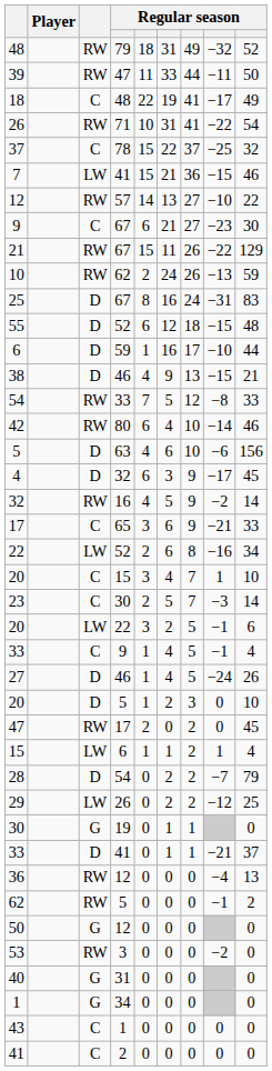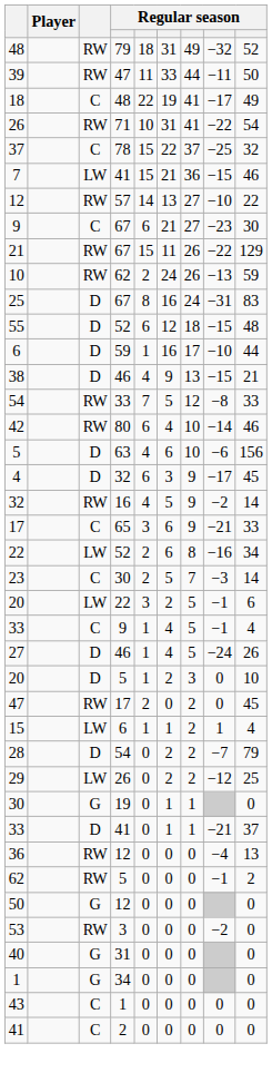 <table class="wikitable sortable plainrowheaders" style="text-align:center;">
 <tr>
 <th scope="col" data-sort-type="number" rowspan="2"></th>
 <th scope="col" rowspan="2">Player</th>
 <th scope="col" rowspan="2"></th>
 <th scope=colgroup colspan=6>Regular season</th>
 </tr>
 <tr>
 <th scope="col" data-sort-type="number"></th>
 <th scope="col" data-sort-type="number"></th>
 <th scope="col" data-sort-type="number"></th>
 <th scope="col" data-sort-type="number"></th>
 <th scope="col" data-sort-type="number"></th>
 <th scope="col" data-sort-type="number"></th>
 </tr>
 <tr>
 <td scope="row">48</td>
 <td align="left"></td>
 <td>RW</td>
 <td>79</td>
 <td>18</td>
 <td>31</td>
 <td>49</td>
 <td>−32</td>
 <td>52</td>
 </tr>
 <tr>
 <td scope="row">39</td>
 <td align="left"></td>
 <td>RW</td>
 <td>47</td>
 <td>11</td>
 <td>33</td>
 <td>44</td>
 <td>−11</td>
 <td>50</td>
 </tr>
 <tr>
 <td scope="row">18</td>
 <td align="left"></td>
 <td>C</td>
 <td>48</td>
 <td>22</td>
 <td>19</td>
 <td>41</td>
 <td>−17</td>
 <td>49</td>
 </tr>
 <tr>
 <td scope="row">26</td>
 <td align="left"></td>
 <td>RW</td>
 <td>71</td>
 <td>10</td>
 <td>31</td>
 <td>41</td>
 <td>−22</td>
 <td>54</td>
 </tr>
 <tr>
 <td scope="row">37</td>
 <td align="left"></td>
 <td>C</td>
 <td>78</td>
 <td>15</td>
 <td>22</td>
 <td>37</td>
 <td>−25</td>
 <td>32</td>
 </tr>
 <tr>
 <td scope="row">7</td>
 <td align="left"></td>
 <td>LW</td>
 <td>41</td>
 <td>15</td>
 <td>21</td>
 <td>36</td>
 <td>−15</td>
 <td>46</td>
 </tr>
 <tr>
 <td scope="row">12</td>
 <td align="left"></td>
 <td>RW</td>
 <td>57</td>
 <td>14</td>
 <td>13</td>
 <td>27</td>
 <td>−10</td>
 <td>22</td>
 </tr>
 <tr>
 <td scope="row">9</td>
 <td align="left"></td>
 <td>C</td>
 <td>67</td>
 <td>6</td>
 <td>21</td>
 <td>27</td>
 <td>−23</td>
 <td>30</td>
 </tr>
 <tr>
 <td scope="row">21</td>
 <td align="left"></td>
 <td>RW</td>
 <td>67</td>
 <td>15</td>
 <td>11</td>
 <td>26</td>
 <td>−22</td>
 <td>129</td>
 </tr>
 <tr>
 <td scope="row">10</td>
 <td align="left"></td>
 <td>RW</td>
 <td>62</td>
 <td>2</td>
 <td>24</td>
 <td>26</td>
 <td>−13</td>
 <td>59</td>
 </tr>
 <tr>
 <td scope="row">25</td>
 <td align="left"></td>
 <td>D</td>
 <td>67</td>
 <td>8</td>
 <td>16</td>
 <td>24</td>
 <td>−31</td>
 <td>83</td>
 </tr>
 <tr>
 <td scope="row">55</td>
 <td align="left"></td>
 <td>D</td>
 <td>52</td>
 <td>6</td>
 <td>12</td>
 <td>18</td>
 <td>−15</td>
 <td>48</td>
 </tr>
 <tr>
 <td scope="row">6</td>
 <td align="left"></td>
 <td>D</td>
 <td>59</td>
 <td>1</td>
 <td>16</td>
 <td>17</td>
 <td>−10</td>
 <td>44</td>
 </tr>
 <tr>
 <td scope="row">38</td>
 <td align="left"></td>
 <td>D</td>
 <td>46</td>
 <td>4</td>
 <td>9</td>
 <td>13</td>
 <td>−15</td>
 <td>21</td>
 </tr>
 <tr>
 <td scope="row">54</td>
 <td align="left"></td>
 <td>RW</td>
 <td>33</td>
 <td>7</td>
 <td>5</td>
 <td>12</td>
 <td>−8</td>
 <td>33</td>
 </tr>
 <tr>
 <td scope="row">42</td>
 <td align="left"></td>
 <td>RW</td>
 <td>80</td>
 <td>6</td>
 <td>4</td>
 <td>10</td>
 <td>−14</td>
 <td>46</td>
 </tr>
 <tr>
 <td scope="row">5</td>
 <td align="left"></td>
 <td>D</td>
 <td>63</td>
 <td>4</td>
 <td>6</td>
 <td>10</td>
 <td>−6</td>
 <td>156</td>
 </tr>
 <tr>
 <td scope="row">4</td>
 <td align="left"></td>
 <td>D</td>
 <td>32</td>
 <td>6</td>
 <td>3</td>
 <td>9</td>
 <td>−17</td>
 <td>45</td>
 </tr>
 <tr>
 <td scope="row">32</td>
 <td align="left"></td>
 <td>RW</td>
 <td>16</td>
 <td>4</td>
 <td>5</td>
 <td>9</td>
 <td>−2</td>
 <td>14</td>
 </tr>
 <tr>
 <td scope="row">17</td>
 <td align="left"></td>
 <td>C</td>
 <td>65</td>
 <td>3</td>
 <td>6</td>
 <td>9</td>
 <td>−21</td>
 <td>33</td>
 </tr>
 <tr>
 <td scope="row">22</td>
 <td align="left"></td>
 <td>LW</td>
 <td>52</td>
 <td>2</td>
 <td>6</td>
 <td>8</td>
 <td>−16</td>
 <td>34</td>
 </tr>
 <tr>
-<td scope="row">20</td>
-<td align="left"></td>
-<td>C</td>
-<td>15</td>
-<td>3</td>
-<td>4</td>
-<td>7</td>
-<td>1</td>
-<td>10</td>
-</tr>
-<tr>
 <td scope="row">23</td>
 <td align="left"></td>
 <td>C</td>
 <td>30</td>
 <td>2</td>
 <td>5</td>
 <td>7</td>
 <td>−3</td>
 <td>14</td>
 </tr>
 <tr>
 <td scope="row">20</td>
 <td align="left"></td>
 <td>LW</td>
 <td>22</td>
 <td>3</td>
 <td>2</td>
 <td>5</td>
 <td>−1</td>
 <td>6</td>
 </tr>
 <tr>
 <td scope="row">33</td>
 <td align="left"></td>
 <td>C</td>
 <td>9</td>
 <td>1</td>
 <td>4</td>
 <td>5</td>
 <td>−1</td>
 <td>4</td>
 </tr>
 <tr>
 <td scope="row">27</td>
 <td align="left"></td>
 <td>D</td>
 <td>46</td>
 <td>1</td>
 <td>4</td>
 <td>5</td>
 <td>−24</td>
 <td>26</td>
 </tr>
 <tr>
 <td scope="row">20</td>
 <td align="left"></td>
 <td>D</td>
 <td>5</td>
 <td>1</td>
 <td>2</td>
 <td>3</td>
 <td>0</td>
 <td>10</td>
 </tr>
 <tr>
 <td scope="row">47</td>
 <td align="left"></td>
 <td>RW</td>
 <td>17</td>
 <td>2</td>
 <td>0</td>
 <td>2</td>
 <td>0</td>
 <td>45</td>
 </tr>
 <tr>
 <td scope="row">15</td>
 <td align="left"></td>
 <td>LW</td>
 <td>6</td>
 <td>1</td>
 <td>1</td>
 <td>2</td>
 <td>1</td>
 <td>4</td>
 </tr>
 <tr>
 <td scope="row">28</td>
 <td align="left"></td>
 <td>D</td>
 <td>54</td>
 <td>0</td>
 <td>2</td>
 <td>2</td>
 <td>−7</td>
 <td>79</td>
 </tr>
 <tr>
 <td scope="row">29</td>
 <td align="left"></td>
 <td>LW</td>
 <td>26</td>
 <td>0</td>
 <td>2</td>
 <td>2</td>
 <td>−12</td>
 <td>25</td>
 </tr>
 <tr>
 <td scope="row">30</td>
 <td align="left"></td>
 <td>G</td>
 <td>19</td>
 <td>0</td>
 <td>1</td>
 <td>1</td>
 <td style="background:#ccc"></td>
 <td>0</td>
 </tr>
 <tr>
 <td scope="row">33</td>
 <td align="left"></td>
 <td>D</td>
 <td>41</td>
 <td>0</td>
 <td>1</td>
 <td>1</td>
 <td>−21</td>
 <td>37</td>
 </tr>
 <tr>
 <td scope="row">36</td>
 <td align="left"></td>
 <td>RW</td>
 <td>12</td>
 <td>0</td>
 <td>0</td>
 <td>0</td>
 <td>−4</td>
 <td>13</td>
 </tr>
 <tr>
 <td scope="row">62</td>
 <td align="left"></td>
 <td>RW</td>
 <td>5</td>
 <td>0</td>
 <td>0</td>
 <td>0</td>
 <td>−1</td>
 <td>2</td>
 </tr>
 <tr>
 <td scope="row">50</td>
 <td align="left"></td>
 <td>G</td>
 <td>12</td>
 <td>0</td>
 <td>0</td>
 <td>0</td>
 <td style="background:#ccc"></td>
 <td>0</td>
 </tr>
 <tr>
 <td scope="row">53</td>
 <td align="left"></td>
 <td>RW</td>
 <td>3</td>
 <td>0</td>
 <td>0</td>
 <td>0</td>
 <td>−2</td>
 <td>0</td>
 </tr>
 <tr>
 <td scope="row">40</td>
 <td align="left"></td>
 <td>G</td>
 <td>31</td>
 <td>0</td>
 <td>0</td>
 <td>0</td>
 <td style="background:#ccc"></td>
 <td>0</td>
 </tr>
 <tr>
 <td scope="row">1</td>
 <td align="left"></td>
 <td>G</td>
 <td>34</td>
 <td>0</td>
 <td>0</td>
 <td>0</td>
 <td style="background:#ccc"></td>
 <td>0</td>
 </tr>
 <tr>
 <td scope="row">43</td>
 <td align="left"></td>
 <td>C</td>
 <td>1</td>
 <td>0</td>
 <td>0</td>
 <td>0</td>
 <td>0</td>
 <td>0</td>
 </tr>
 <tr>
 <td scope="row">41</td>
 <td align="left"></td>
 <td>C</td>
 <td>2</td>
 <td>0</td>
 <td>0</td>
 <td>0</td>
 <td>0</td>
 <td>0</td>
 </tr>
 </table>
